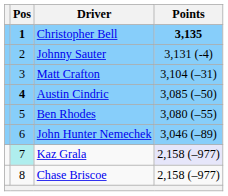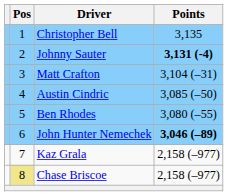 <table class="wikitable" style="font-size: 95%;">
 <tr>
 <th></th>
 <th>Pos</th>
 <th>Driver</th>
 <th>Points</th>
 </tr>
 <tr style="background:#87CEFA;">
 <td align="left"></td>
-<td style="text-align:center;"><strong>1</strong></td>
+<td style="text-align:center;">1</td>
 <td><a href='#'>Christopher Bell</a></td>
-<td style="text-align:center;"><strong>3,135</strong></td>
+<td style="text-align:center;">3,135</td>
 </tr>
 <tr style="background:#87CEFA;">
 <td align="left"></td>
 <td style="text-align:center;">2</td>
 <td><a href='#'>Johnny Sauter</a></td>
-<td style="text-align:center;">3,131 (-4)</td>
+<td style="text-align:center;"><strong>3,131 (-4)</strong></td>
 </tr>
 <tr style="background:#87CEFA;">
 <td align="left"></td>
 <td style="text-align:center;">3</td>
 <td><a href='#'>Matt Crafton</a></td>
 <td style="text-align:center;">3,104 (–31)</td>
 </tr>
 <tr style="background:#87CEFA;">
 <td align="left"></td>
-<td style="text-align:center;"><strong>4</strong></td>
+<td style="text-align:center;">4</td>
 <td><a href='#'>Austin Cindric</a></td>
 <td style="text-align:center;">3,085 (–50)</td>
 </tr>
 <tr style="background:#87CEFA;">
 <td align="left"></td>
 <td style="text-align:center;">5</td>
 <td><a href='#'>Ben Rhodes</a></td>
 <td style="text-align:center;">3,080 (–55)</td>
 </tr>
 <tr style="background:#87CEFA;">
 <td align="left"></td>
 <td style="text-align:center;">6</td>
 <td><a href='#'>John Hunter Nemechek</a></td>
-<td style="text-align:center;">3,046 (–89)</td>
+<td style="text-align:center;"><strong>3,046 (–89)</strong></td>
 </tr>
 <tr>
 <td align="left"></td>
-<td style="background: paleturquoise; text-align:center;">7</td>
+<td style="text-align:center;">7</td>
 <td><a href='#'>Kaz Grala</a></td>
-<td style="background: lavender; text-align:center;">2,158 (–977)</td>
+<td style="text-align:center;">2,158 (–977)</td>
 </tr>
 <tr>
 <td align="left"></td>
-<td style="text-align:center;">8</td>
+<td style="background: khaki; text-align:center;">8</td>
 <td><a href='#'>Chase Briscoe</a></td>
 <td style="text-align:center;">2,158 (–977)</td>
 </tr>
 <tr class="sortbottom">
 <th colspan="9"></th>
 </tr>
 </table>
